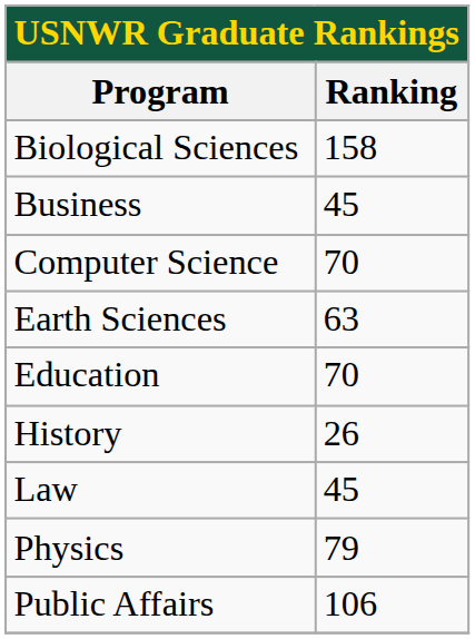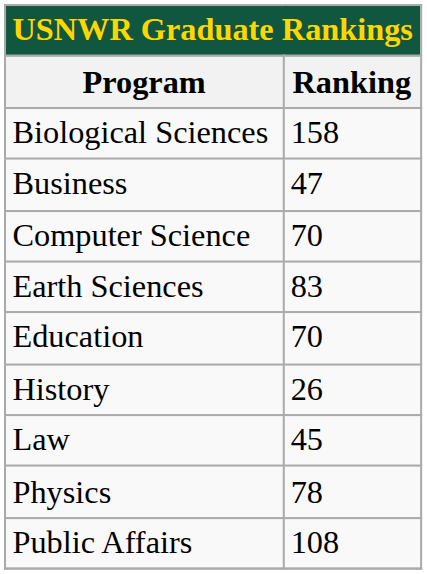 <table class="wikitable sortable collapsible collapsed floatright" "text-align:center">
 <tr>
 <th colspan=4 style="background:#115740; color:gold; ">USNWR Graduate Rankings</th>
 </tr>
 <tr>
 <th>Program</th>
 <th>Ranking</th>
 </tr>
 <tr>
 <td>Biological Sciences</td>
 <td>158</td>
 </tr>
 <tr>
 <td>Business</td>
-<td>45</td>
+<td>47</td>
 </tr>
 <tr>
 <td>Computer Science</td>
 <td>70</td>
 </tr>
 <tr>
 <td>Earth Sciences</td>
-<td>63</td>
+<td>83</td>
 </tr>
 <tr>
 <td>Education</td>
 <td>70</td>
 </tr>
 <tr>
 <td>History</td>
 <td>26</td>
 </tr>
 <tr>
 <td>Law</td>
 <td>45</td>
 </tr>
 <tr>
 <td>Physics</td>
-<td>79</td>
+<td>78</td>
 </tr>
 <tr>
 <td>Public Affairs</td>
-<td>106</td>
+<td>108</td>
 </tr>
 <tr>
 </tr>
 </table>
